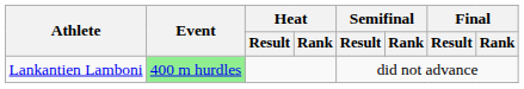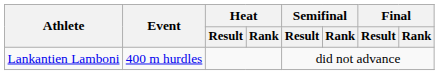 <table class="wikitable" style="font-size:90%">
 <tr>
 <th rowspan="2">Athlete</th>
 <th rowspan="2">Event</th>
 <th colspan="2">Heat</th>
 <th colspan="2">Semifinal</th>
 <th colspan="2">Final</th>
 </tr>
 <tr style="font-size:95%">
 <th>Result</th>
 <th>Rank</th>
 <th>Result</th>
 <th>Rank</th>
 <th>Result</th>
 <th>Rank</th>
 </tr>
 <tr align=center>
 <td align=left><a href='#'>Lankantien Lamboni</a></td>
-<td align=left style="background: lightgreen;"><a href='#'>400 m hurdles</a></td>
+<td align=left><a href='#'>400 m hurdles</a></td>
 <td colspan=2></td>
 <td colspan=4>did not advance</td>
 </tr>
 </table>
